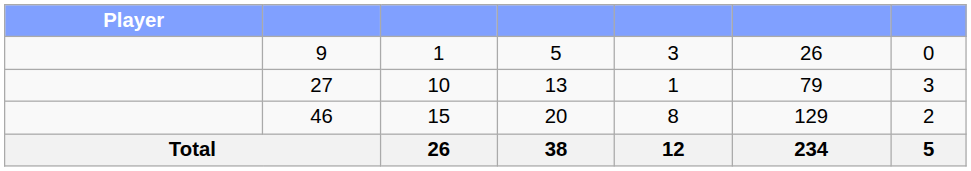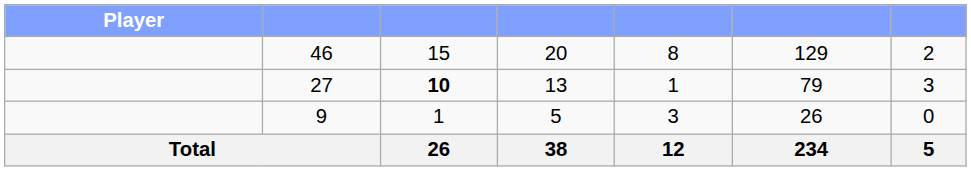 <table class="wikitable sortable" style="width:60%; text-align:center;">
 <tr>
 <th style="color:white; background:#80A0FF; ">Player</th>
 <th style="color:white; background:#80A0FF; "></th>
 <th style="color:white; background:#80A0FF; "></th>
 <th style="color:white; background:#80A0FF; "></th>
 <th style="color:white; background:#80A0FF; "></th>
 <th style="color:white; background:#80A0FF; "></th>
 <th style="color:white; background:#80A0FF; "></th>
 </tr>
 <tr>
 <td></td>
-<td>9</td>
-<td>1</td>
-<td>5</td>
-<td>3</td>
-<td>26</td>
-<td>0</td>
+<td>46</td>
+<td>15</td>
+<td>20</td>
+<td>8</td>
+<td>129</td>
+<td>2</td>
 </tr>
 <tr>
 <td></td>
 <td>27</td>
-<td>10</td>
+<td><strong>10</strong></td>
 <td>13</td>
 <td>1</td>
 <td>79</td>
 <td>3</td>
 </tr>
 <tr>
 <td></td>
-<td>46</td>
-<td>15</td>
-<td>20</td>
-<td>8</td>
-<td>129</td>
-<td>2</td>
+<td>9</td>
+<td>1</td>
+<td>5</td>
+<td>3</td>
+<td>26</td>
+<td>0</td>
 </tr>
 <tr class="sortbottom">
 <th colspan=2>Total</th>
 <th>26</th>
 <th>38</th>
 <th>12</th>
 <th>234</th>
 <th>5</th>
 </tr>
 </table>
